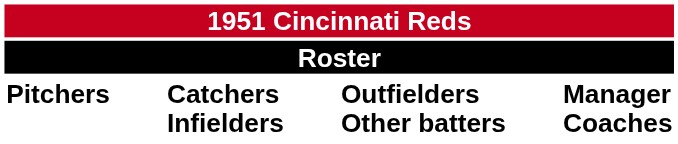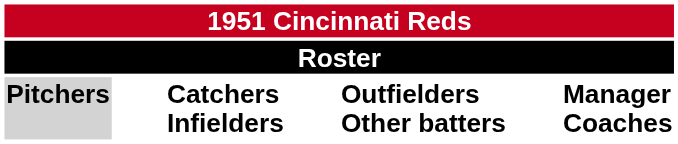 <table class="toccolours" style="font-size: 95%;">
 <tr>
 <th colspan="10" style="background-color: #c6011f; color: white; text-align: center;">1951 Cincinnati Reds</th>
 </tr>
 <tr>
 <td colspan="10" style="background-color: black; color: white; text-align: center;"><strong>Roster</strong></td>
 </tr>
 <tr>
-<td valign="top"><strong>Pitchers</strong><br>           </td>
+<td valign="top" style="background: lightgrey;"><strong>Pitchers</strong><br>           </td>
 <td width="25px"></td>
 <td valign="top"><strong>Catchers</strong><br>    <strong>Infielders</strong>       </td>
 <td width="25px"></td>
 <td valign="top"><strong>Outfielders</strong><br>        <strong>Other batters</strong>  </td>
 <td width="25px"></td>
 <td valign="top"><strong>Manager</strong><br> <strong>Coaches</strong>   </td>
 </tr>
 </table>
